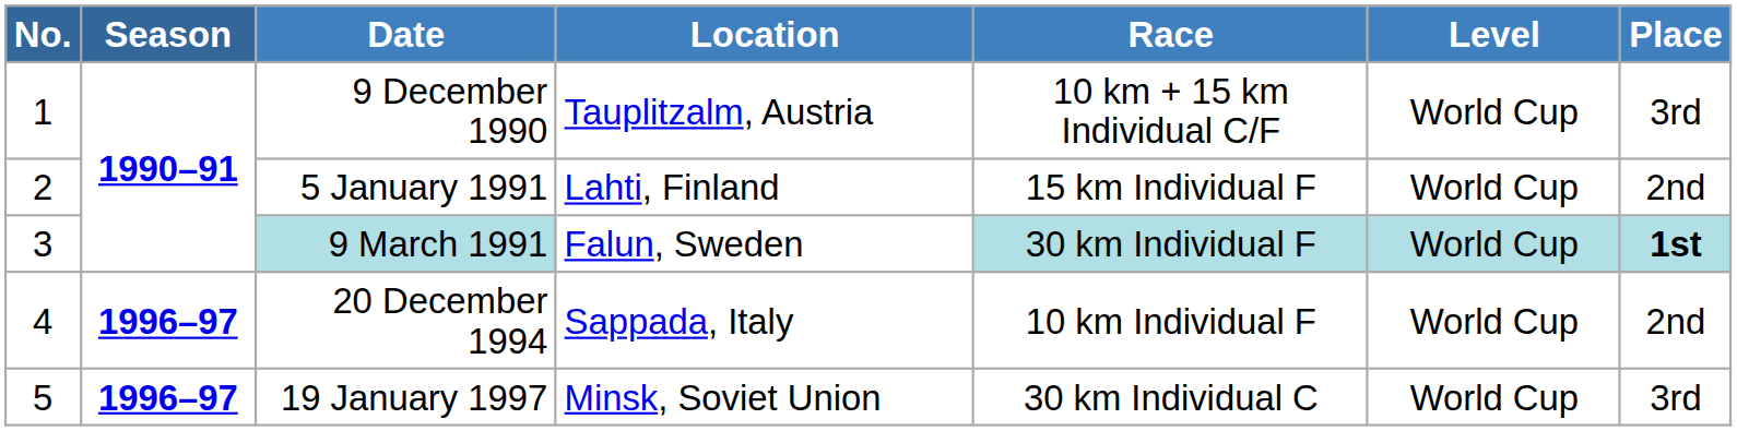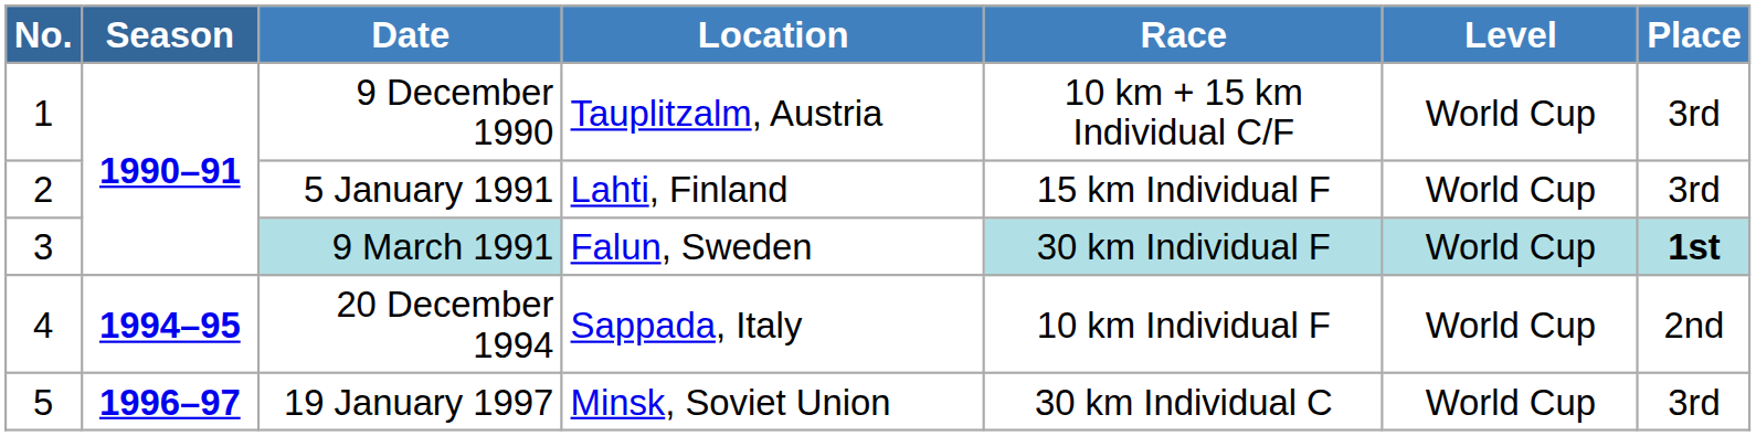 <table class="wikitable sortable" style="font-size:95%; text-align:center; border:grey solid 1px; border-collapse:collapse; background:#ffffff;">
 <tr style="background:#efefef;">
 <th style="background-color:#369; color:white;">No.</th>
 <th style="background-color:#369; color:white;">Season</th>
 <th style="background-color:#4180be; color:white; width:120px;">Date</th>
 <th style="background-color:#4180be; color:white; width:170px;">Location</th>
 <th style="background-color:#4180be; color:white; width:160px;">Race</th>
 <th style="background-color:#4180be; color:white; width:100px;">Level</th>
 <th style="background-color:#4180be; color:white;">Place</th>
 </tr>
 <tr>
 <td align=center>1</td>
 <td rowspan=3 align=center><strong> <a href='#'>1990–91</a> </strong></td>
 <td align=right>9 December 1990</td>
 <td align=left> <a href='#'>Tauplitzalm</a>, Austria</td>
 <td>10 km + 15 km Individual C/F</td>
 <td>World Cup</td>
 <td>3rd</td>
 </tr>
 <tr>
 <td align=center>2</td>
 <td align=right>5 January 1991</td>
 <td align=left> <a href='#'>Lahti</a>, Finland</td>
 <td>15 km Individual F</td>
 <td>World Cup</td>
-<td>2nd</td>
+<td>3rd</td>
 </tr>
 <tr>
 <td align=center>3</td>
 <td bgcolor="#BOEOE6" align=right>9 March 1991</td>
 <td align=left> <a href='#'>Falun</a>, Sweden</td>
 <td bgcolor="#BOEOE6">30 km Individual F</td>
 <td bgcolor="#BOEOE6">World Cup</td>
 <td bgcolor="#BOEOE6"><strong>1st</strong></td>
 </tr>
 <tr>
 <td align=center>4</td>
-<td rowspan=1 align=center><strong> <a href='#'>1996–97</a> </strong></td>
+<td rowspan=1 align=center><strong> <a href='#'>1994–95</a> </strong></td>
 <td align=right>20 December 1994</td>
 <td align=left> <a href='#'>Sappada</a>, Italy</td>
 <td>10 km Individual F</td>
 <td>World Cup</td>
 <td>2nd</td>
 </tr>
 <tr>
 <td align=center>5</td>
 <td rowspan=1 align=center><strong> <a href='#'>1996–97</a> </strong></td>
 <td align=right>19 January 1997</td>
 <td align=left> <a href='#'>Minsk</a>, Soviet Union</td>
 <td>30 km Individual C</td>
 <td>World Cup</td>
 <td>3rd</td>
 </tr>
 </table>
